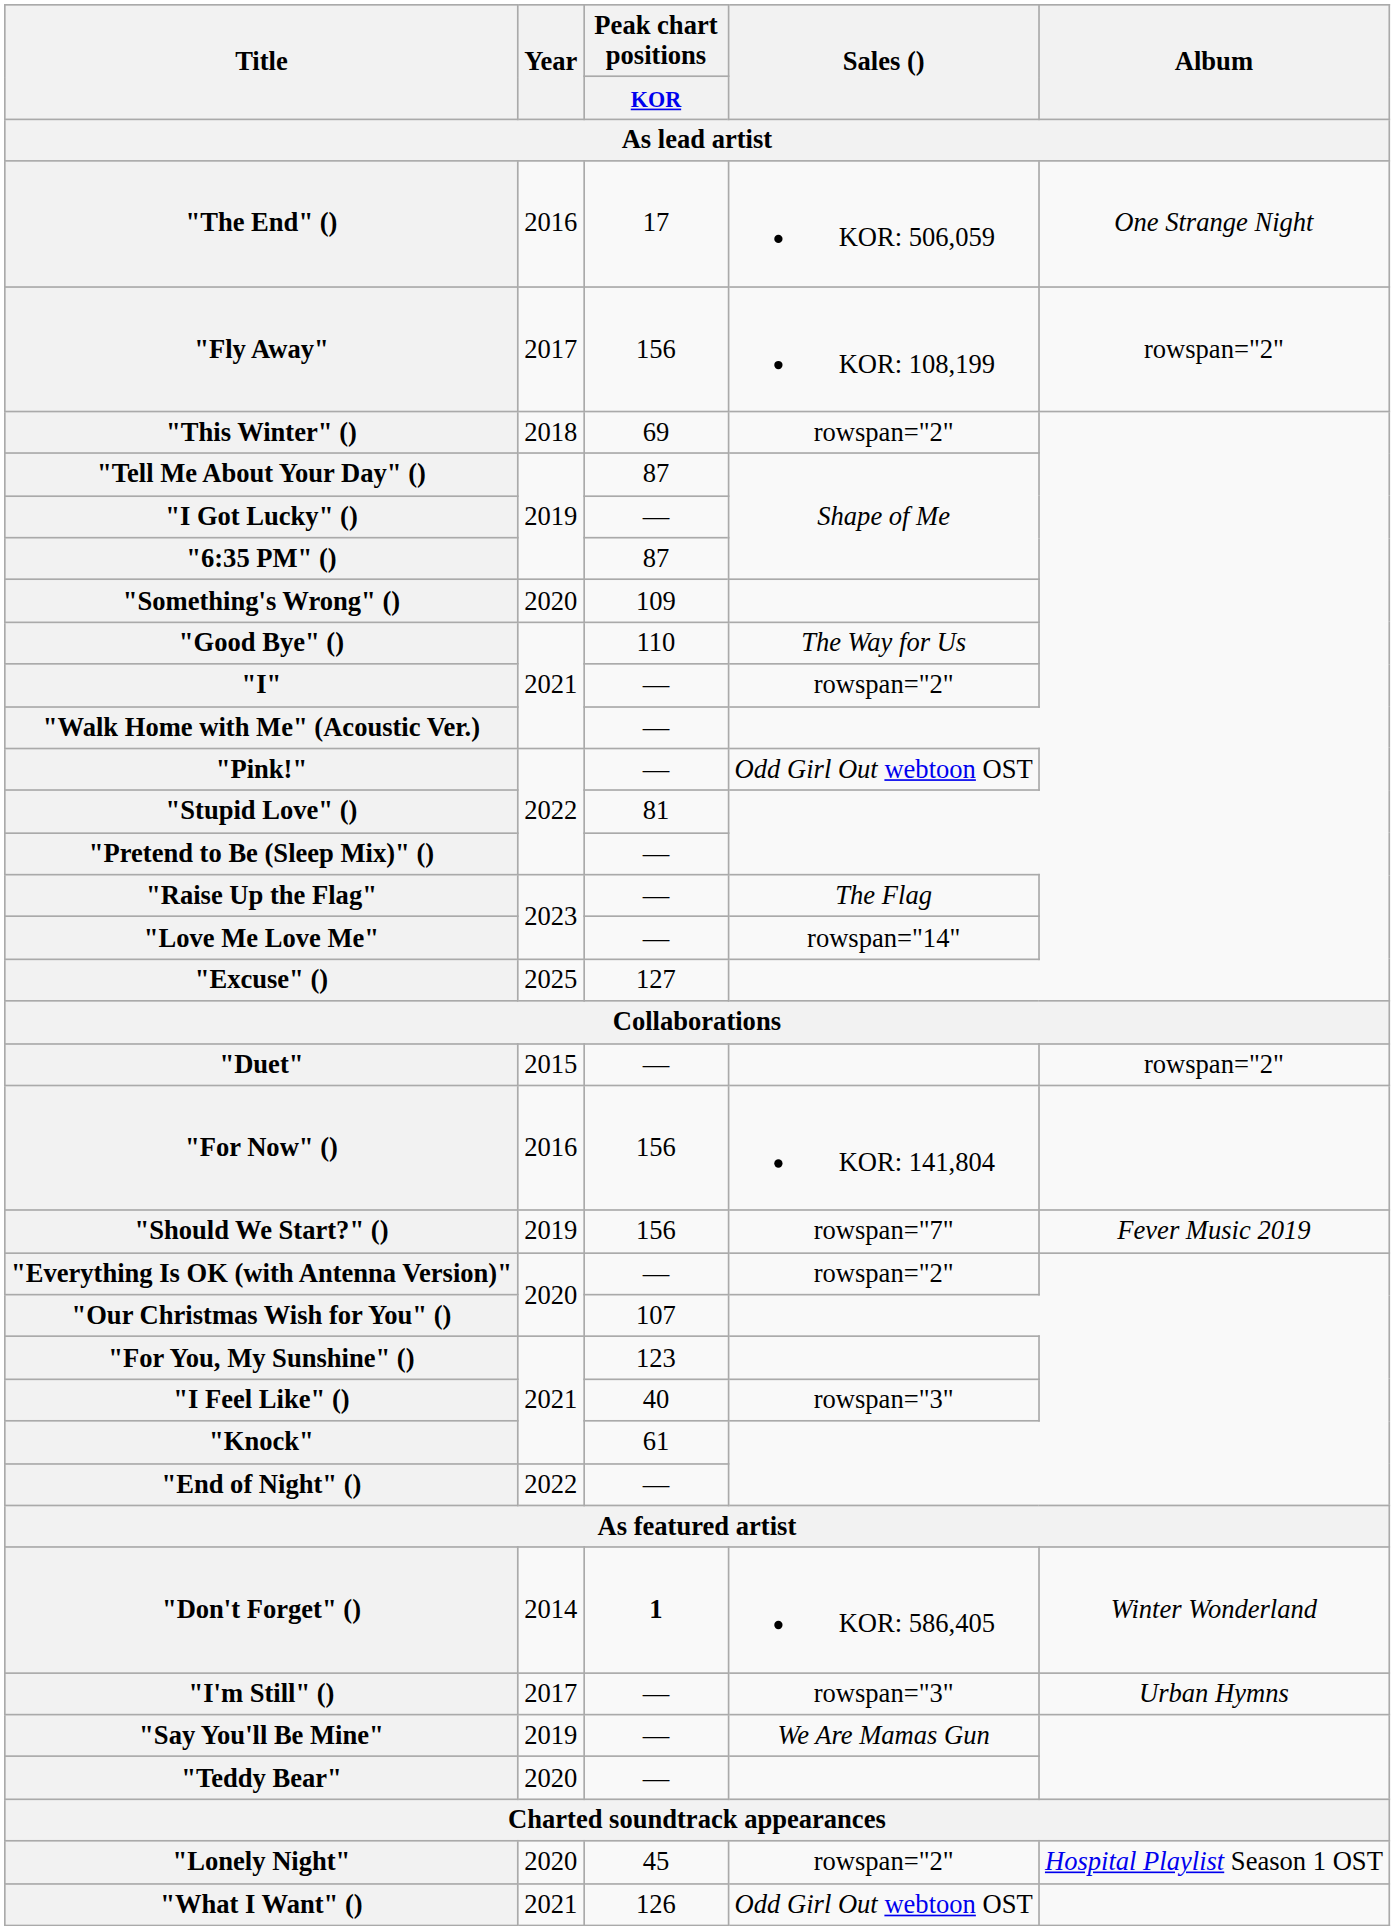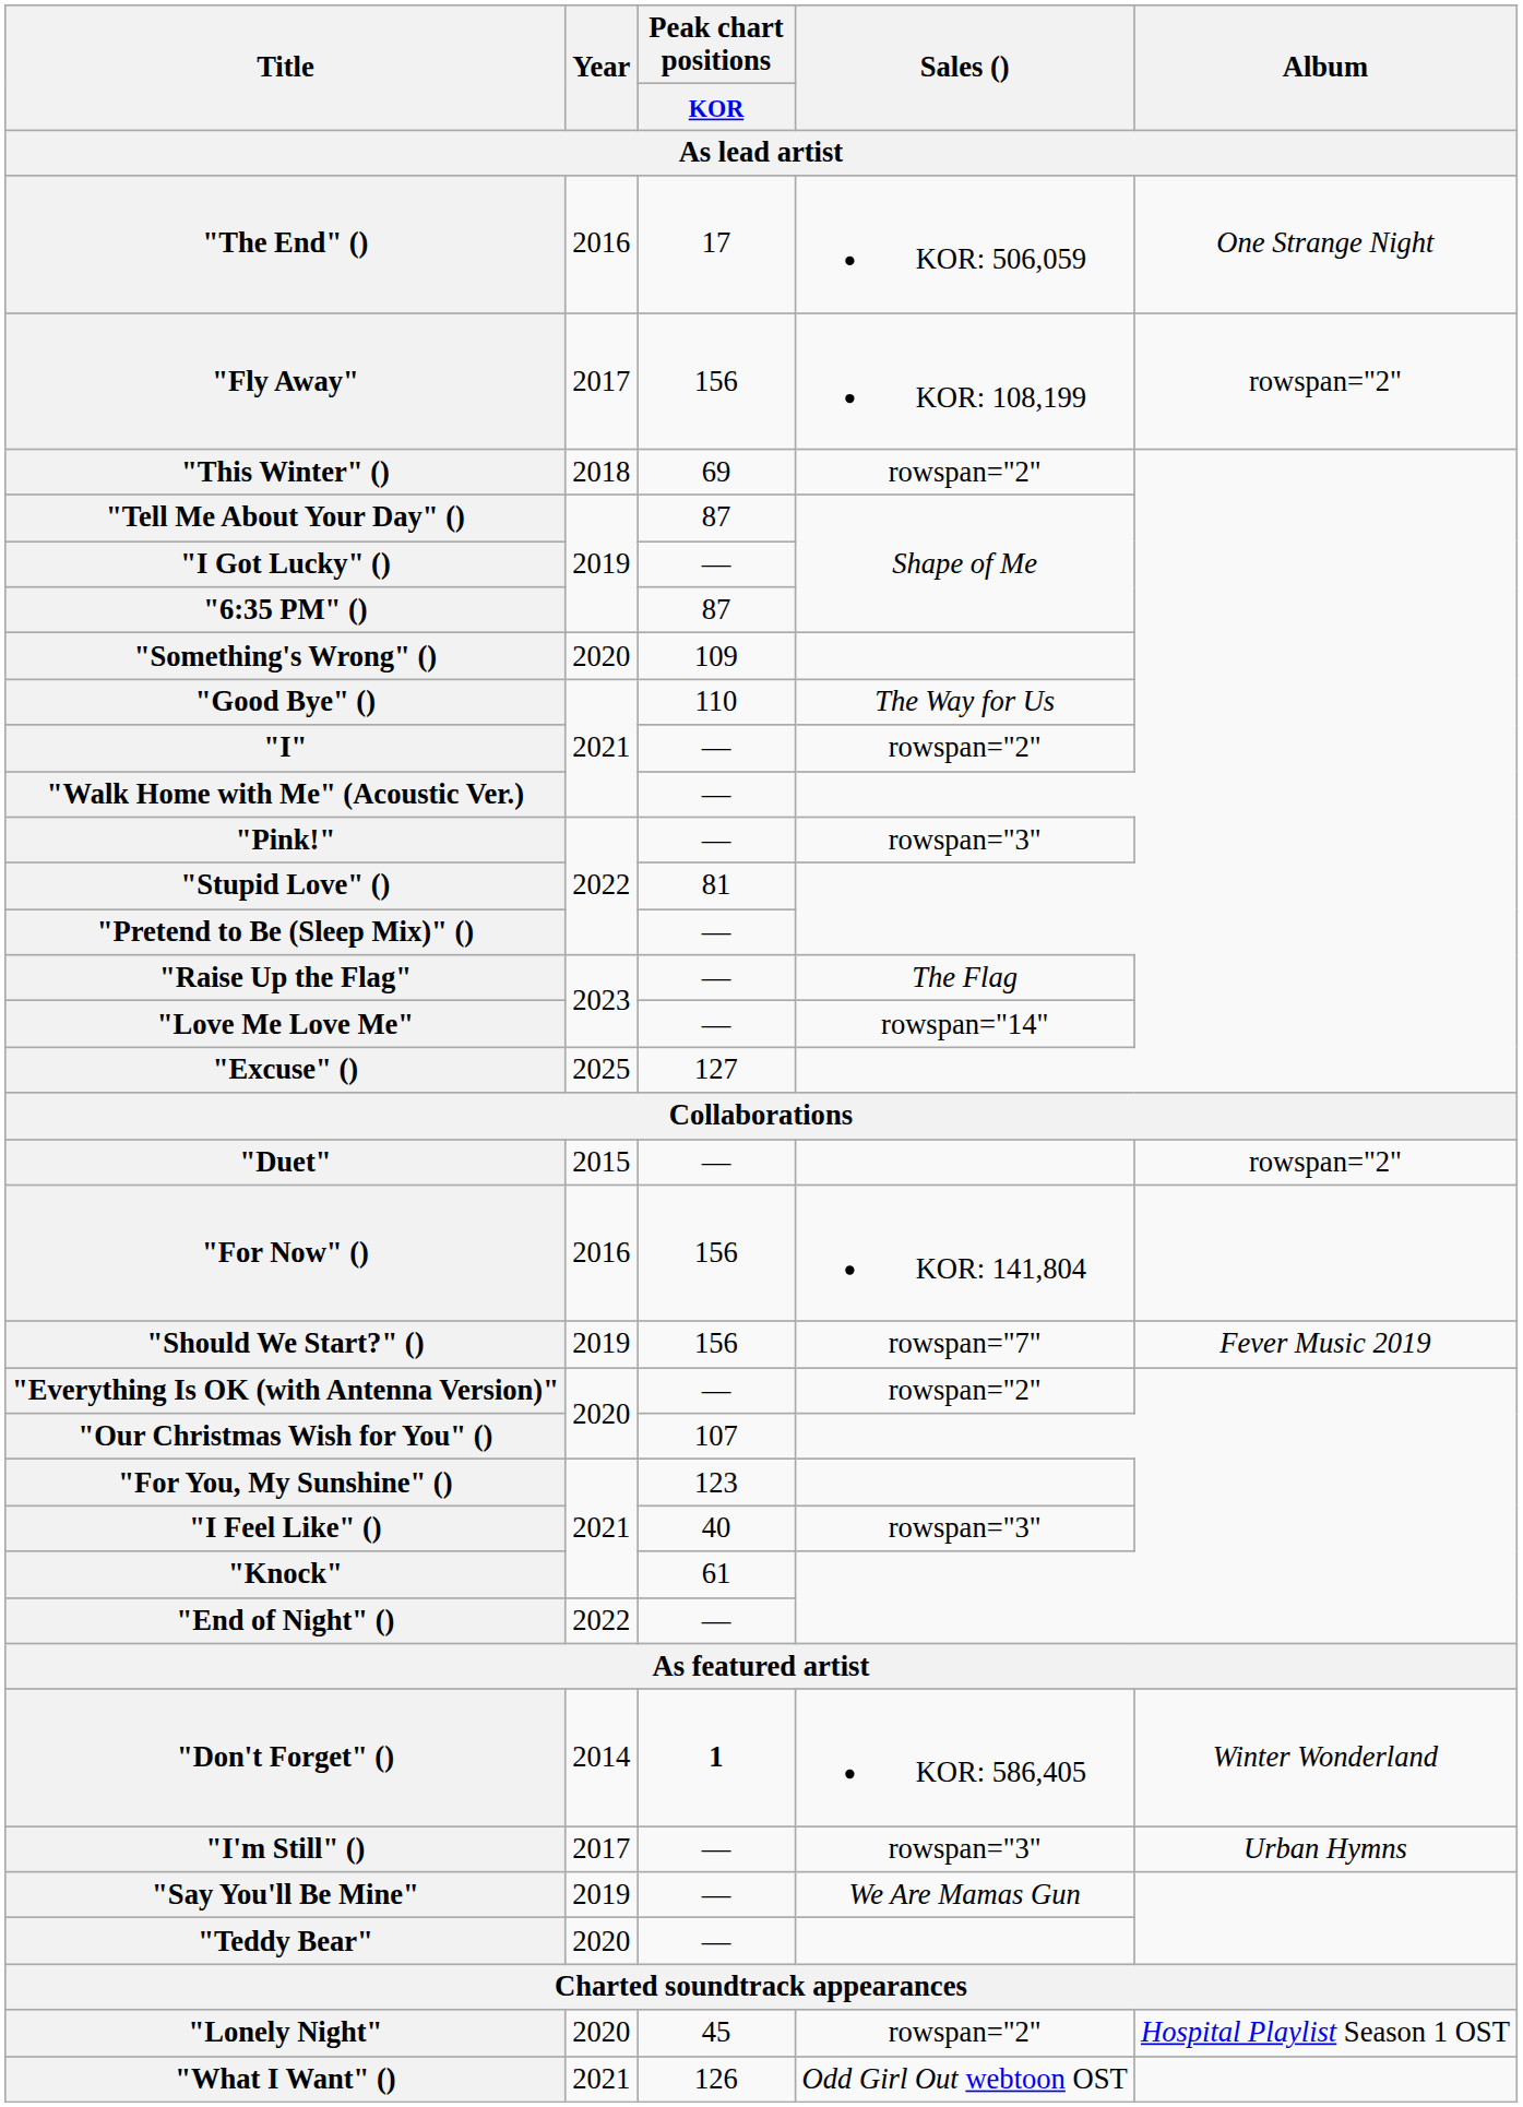 <table class="wikitable plainrowheaders" style="text-align:center">
 <tr>
 <th scope="col" rowspan="2">Title</th>
 <th scope="col" rowspan="2">Year</th>
 <th scope="col" colspan="1" style="width:5em;">Peak chart positions</th>
 <th scope="col" rowspan="2">Sales ()</th>
 <th scope="col" rowspan="2">Album</th>
 </tr>
 <tr>
 <th><small><a href='#'>KOR</a></small><br></th>
 </tr>
 <tr>
 <th colspan="5">As lead artist</th>
 </tr>
 <tr>
 <th scope="row">"The End" ()</th>
 <td>2016</td>
 <td>17</td>
 <td><br><ul><li>KOR: 506,059</li></ul></td>
 <td><em>One Strange Night</em></td>
 </tr>
 <tr>
 <th scope="row">"Fly Away"</th>
 <td>2017</td>
 <td>156</td>
 <td><br><ul><li>KOR: 108,199</li></ul></td>
 <td>rowspan="2" </td>
 </tr>
 <tr>
 <th scope="row">"This Winter" ()</th>
 <td>2018</td>
 <td>69</td>
 <td>rowspan="2" </td>
 </tr>
 <tr>
 <th scope="row">"Tell Me About Your Day" ()</th>
 <td rowspan="3">2019</td>
 <td>87</td>
 <td rowspan="3"><em>Shape of Me</em></td>
 </tr>
 <tr>
 <th scope="row">"I Got Lucky" ()</th>
 <td>—</td>
 </tr>
 <tr>
 <th scope="row">"6:35 PM" ()</th>
 <td>87</td>
 </tr>
 <tr>
 <th scope="row">"Something's Wrong" ()</th>
 <td>2020</td>
 <td>109</td>
 <td></td>
 </tr>
 <tr>
 <th scope="row">"Good Bye" ()</th>
 <td rowspan="3">2021</td>
 <td>110</td>
 <td><em>The Way for Us</em></td>
 </tr>
 <tr>
 <th scope="row">"I"</th>
 <td>—</td>
 <td>rowspan="2" </td>
 </tr>
 <tr>
 <th scope="row">"Walk Home with Me" (Acoustic Ver.)</th>
 <td>—</td>
 </tr>
 <tr>
 <th scope="row">"Pink!"</th>
 <td rowspan="3">2022</td>
 <td>—</td>
-<td><em>Odd Girl Out</em> <a href='#'>webtoon</a> OST</td>
+<td>rowspan="3" </td>
 </tr>
 <tr>
 <th scope="row">"Stupid Love" ()</th>
 <td>81</td>
 </tr>
 <tr>
 <th scope="row">"Pretend to Be (Sleep Mix)" ()</th>
 <td>—</td>
 </tr>
 <tr>
 <th scope="row">"Raise Up the Flag"</th>
 <td rowspan="2">2023</td>
 <td>—</td>
 <td><em>The Flag</em></td>
 </tr>
 <tr>
 <th scope="row">"Love Me Love Me"</th>
 <td>—</td>
 <td>rowspan="14" </td>
 </tr>
 <tr>
 <th scope="row">"Excuse" ()</th>
 <td>2025</td>
 <td>127</td>
 </tr>
 <tr>
 <th colspan="5">Collaborations</th>
 </tr>
 <tr>
 <th scope="row">"Duet"<br></th>
 <td>2015</td>
 <td>—</td>
 <td></td>
 <td>rowspan="2" </td>
 </tr>
 <tr>
 <th scope="row">"For Now" ()<br></th>
 <td>2016</td>
 <td>156</td>
 <td><br><ul><li>KOR: 141,804</li></ul></td>
 </tr>
 <tr>
 <th scope="row">"Should We Start?" ()<br></th>
 <td>2019</td>
 <td>156</td>
 <td>rowspan="7" </td>
 <td><em>Fever Music 2019</em></td>
 </tr>
 <tr>
 <th scope="row">"Everything Is OK (with Antenna Version)" <br></th>
 <td rowspan="2">2020</td>
 <td>—</td>
 <td>rowspan="2" </td>
 </tr>
 <tr>
 <th scope="row">"Our Christmas Wish for You" () <br></th>
 <td>107</td>
 </tr>
 <tr>
 <th scope="row">"For You, My Sunshine" () <br></th>
 <td rowspan="3">2021</td>
 <td>123</td>
 <td></td>
 </tr>
 <tr>
 <th scope="row">"I Feel Like" () <br></th>
 <td>40</td>
 <td>rowspan="3" </td>
 </tr>
 <tr>
 <th scope="row">"Knock" <br></th>
 <td>61</td>
 </tr>
 <tr>
 <th scope="row">"End of Night" () <br></th>
 <td>2022</td>
 <td>—</td>
 </tr>
 <tr>
 <th colspan="5">As featured artist</th>
 </tr>
 <tr>
 <th scope="row">"Don't Forget" ()<br></th>
 <td>2014</td>
 <td><strong>1</strong></td>
 <td><br><ul><li>KOR: 586,405</li></ul></td>
 <td><em>Winter Wonderland</em></td>
 </tr>
 <tr>
 <th scope="row">"I'm Still" () <br></th>
 <td>2017</td>
 <td>—</td>
 <td>rowspan="3" </td>
 <td><em>Urban Hymns</em></td>
 </tr>
 <tr>
 <th scope="row">"Say You'll Be Mine" <br></th>
 <td>2019</td>
 <td>—</td>
 <td><em>We Are Mamas Gun</em></td>
 </tr>
 <tr>
 <th scope="row">"Teddy Bear" <br></th>
 <td>2020</td>
 <td>—</td>
 <td></td>
 </tr>
 <tr>
 <th colspan="5">Charted soundtrack appearances</th>
 </tr>
 <tr>
 <th scope="row">"Lonely Night"</th>
 <td>2020</td>
 <td>45</td>
 <td>rowspan="2" </td>
 <td><em><a href='#'>Hospital Playlist</a></em> Season 1 OST</td>
 </tr>
 <tr>
 <th scope="row">"What I Want" ()</th>
 <td>2021</td>
 <td>126</td>
 <td><em>Odd Girl Out</em> <a href='#'>webtoon</a> OST</td>
 </tr>
 </table>
